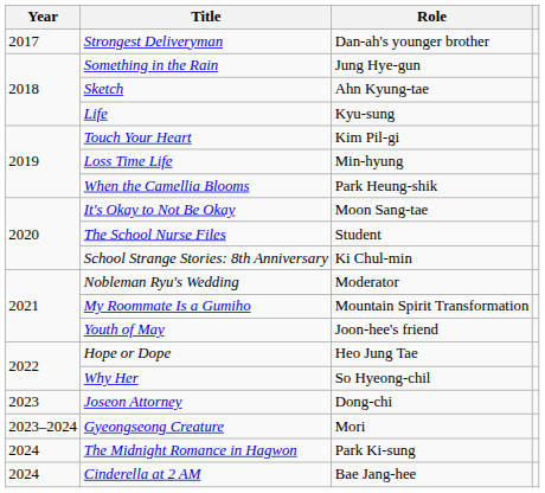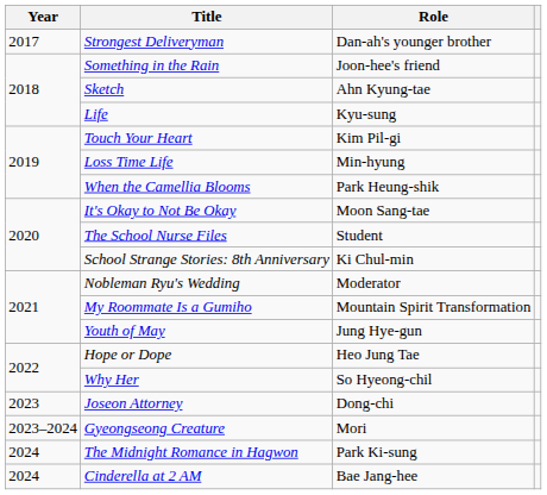 <table class="wikitable">
 <tr>
 <th>Year</th>
 <th>Title</th>
 <th>Role</th>
 <th></th>
 </tr>
 <tr>
 <td>2017</td>
 <td><em><a href='#'>Strongest Deliveryman</a></em></td>
 <td>Dan-ah's younger brother</td>
 <td></td>
 </tr>
 <tr>
 <td rowspan="3">2018</td>
 <td><em><a href='#'>Something in the Rain</a></em></td>
-<td>Jung Hye-gun</td>
+<td>Joon-hee's friend</td>
 <td></td>
 </tr>
 <tr>
 <td><em><a href='#'>Sketch</a></em></td>
 <td>Ahn Kyung-tae</td>
 <td></td>
 </tr>
 <tr>
 <td><em><a href='#'>Life</a></em></td>
 <td>Kyu-sung</td>
 <td></td>
 </tr>
 <tr>
 <td rowspan="3">2019</td>
 <td><em><a href='#'>Touch Your Heart</a></em></td>
 <td>Kim Pil-gi</td>
 <td></td>
 </tr>
 <tr>
 <td><em><a href='#'>Loss Time Life</a></em></td>
 <td>Min-hyung</td>
 <td></td>
 </tr>
 <tr>
 <td><em><a href='#'>When the Camellia Blooms</a></em></td>
 <td>Park Heung-shik</td>
 <td></td>
 </tr>
 <tr>
 <td rowspan="3">2020</td>
 <td><em><a href='#'>It's Okay to Not Be Okay</a></em></td>
 <td>Moon Sang-tae</td>
 <td></td>
 </tr>
 <tr>
 <td><em><a href='#'>The School Nurse Files</a></em></td>
 <td>Student</td>
 <td></td>
 </tr>
 <tr>
 <td><em>School Strange Stories: 8th Anniversary</em></td>
 <td>Ki Chul-min</td>
 <td></td>
 </tr>
 <tr>
 <td rowspan="3">2021</td>
 <td><em>Nobleman Ryu's Wedding</em></td>
 <td>Moderator</td>
 <td></td>
 </tr>
 <tr>
 <td><em><a href='#'>My Roommate Is a Gumiho</a></em></td>
 <td>Mountain Spirit Transformation</td>
 <td></td>
 </tr>
 <tr>
 <td><em><a href='#'>Youth of May</a></em></td>
-<td>Joon-hee's friend</td>
+<td>Jung Hye-gun</td>
 <td></td>
 </tr>
 <tr>
 <td rowspan="2">2022</td>
 <td><em>Hope or Dope</em></td>
 <td>Heo Jung Tae</td>
 <td></td>
 </tr>
 <tr>
 <td><em><a href='#'>Why Her</a></em></td>
 <td>So Hyeong-chil</td>
 <td></td>
 </tr>
 <tr>
 <td>2023</td>
 <td><em><a href='#'>Joseon Attorney</a></em></td>
 <td>Dong-chi</td>
 <td></td>
 </tr>
 <tr>
 <td>2023–2024</td>
 <td><em><a href='#'>Gyeongseong Creature</a></em></td>
 <td>Mori</td>
 <td></td>
 </tr>
 <tr>
 <td>2024</td>
 <td><em><a href='#'>The Midnight Romance in Hagwon</a></em></td>
 <td>Park Ki-sung</td>
 <td></td>
 </tr>
 <tr>
 <td>2024</td>
 <td><em><a href='#'>Cinderella at 2 AM</a></td>
 <td>Bae Jang-hee</td>
 <td></td>
 </tr>
 </table>
